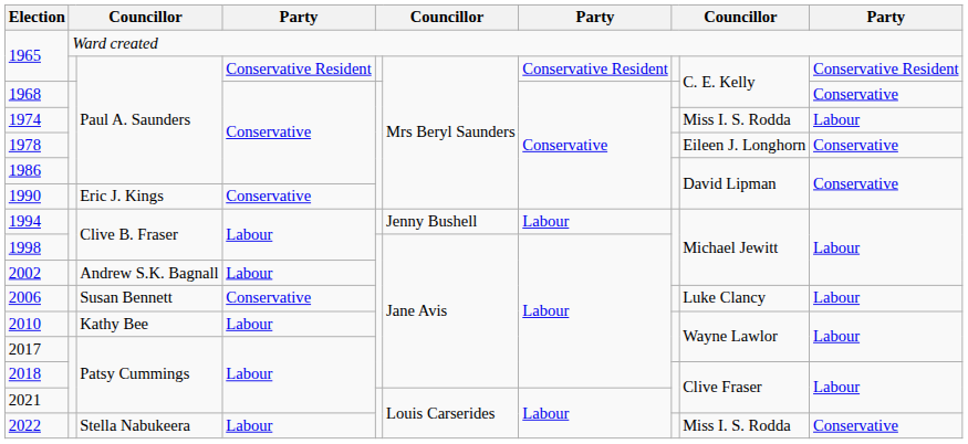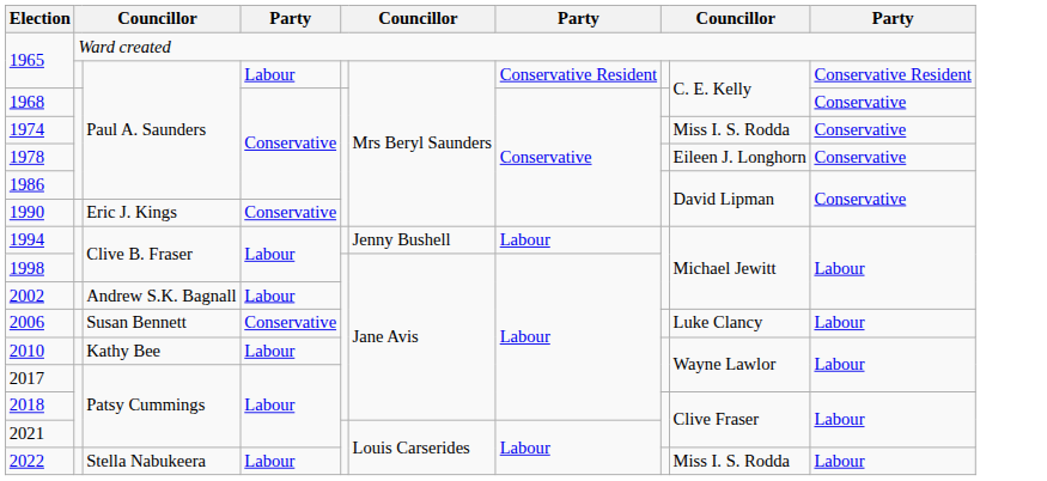 <table class="wikitable">
 <tr>
 <th>Election</th>
 <th colspan="2">Councillor</th>
 <th>Party</th>
 <th colspan="2">Councillor</th>
 <th>Party</th>
 <th colspan="2">Councillor</th>
 <th>Party</th>
 </tr>
 <tr>
 <td rowspan="2"><a href='#'>1965</a></td>
 <td colspan="13"><em>Ward created</em></td>
 </tr>
 <tr>
 <td style="background-color: "></td>
 <td rowspan="5">Paul A. Saunders</td>
-<td><a href='#'>Conservative Resident</a></td>
+<td><a href='#'>Labour</a></td>
 <td style="background-color: "></td>
 <td rowspan="6">Mrs Beryl Saunders</td>
 <td><a href='#'>Conservative Resident</a></td>
 <td style="background-color: "></td>
 <td rowspan="2">C. E. Kelly</td>
 <td><a href='#'>Conservative Resident</a></td>
 </tr>
 <tr>
 <td><a href='#'>1968</a></td>
 <td rowspan="4" style="background-color: "></td>
 <td rowspan="4"><a href='#'>Conservative</a></td>
 <td rowspan="5" style="background-color: "></td>
 <td rowspan="5"><a href='#'>Conservative</a></td>
 <td style="background-color: "></td>
 <td><a href='#'>Conservative</a></td>
 </tr>
 <tr>
 <td><a href='#'>1974</a></td>
 <td style="background-color: "></td>
 <td>Miss I. S. Rodda</td>
-<td><a href='#'>Labour</a></td>
+<td><a href='#'>Conservative</a></td>
 </tr>
 <tr>
 <td><a href='#'>1978</a></td>
 <td style="background-color: "></td>
 <td>Eileen J. Longhorn</td>
 <td><a href='#'>Conservative</a></td>
 </tr>
 <tr>
 <td><a href='#'>1986</a></td>
 <td rowspan="2" style="background-color: "></td>
 <td rowspan="2">David Lipman</td>
 <td rowspan="2"><a href='#'>Conservative</a></td>
 </tr>
 <tr>
 <td><a href='#'>1990</a></td>
 <td style="background-color: "></td>
 <td>Eric J. Kings</td>
 <td><a href='#'>Conservative</a></td>
 </tr>
 <tr>
 <td><a href='#'>1994</a></td>
 <td rowspan="2" style="background-color: "></td>
 <td rowspan="2">Clive B. Fraser</td>
 <td rowspan="2"><a href='#'>Labour</a></td>
 <td style="background-color: "></td>
 <td>Jenny Bushell</td>
 <td><a href='#'>Labour</a></td>
 <td rowspan="3" style="background-color: "></td>
 <td rowspan="3">Michael Jewitt</td>
 <td rowspan="3"><a href='#'>Labour</a></td>
 </tr>
 <tr>
 <td><a href='#'>1998</a></td>
 <td rowspan="6" style="background-color: "></td>
 <td rowspan="6">Jane Avis</td>
 <td rowspan="6"><a href='#'>Labour</a></td>
 </tr>
 <tr>
 <td><a href='#'>2002</a></td>
 <td style="background-color: "></td>
 <td>Andrew S.K. Bagnall</td>
 <td><a href='#'>Labour</a></td>
 </tr>
 <tr>
 <td><a href='#'>2006</a></td>
 <td style="background-color: "></td>
 <td>Susan Bennett</td>
 <td><a href='#'>Conservative</a></td>
 <td style="background-color: "></td>
 <td>Luke Clancy</td>
 <td><a href='#'>Labour</a></td>
 </tr>
 <tr>
 <td><a href='#'>2010</a></td>
 <td style="background-color: "></td>
 <td>Kathy Bee</td>
 <td><a href='#'>Labour</a></td>
 <td rowspan="2" style="background-color: "></td>
 <td rowspan="2">Wayne Lawlor</td>
 <td rowspan="2"><a href='#'>Labour</a></td>
 </tr>
 <tr>
 <td>2017</td>
 <td rowspan="3" style="background-color: "></td>
 <td rowspan="3">Patsy Cummings</td>
 <td rowspan="3"><a href='#'>Labour</a></td>
 </tr>
 <tr>
 <td><a href='#'>2018</a></td>
 <td rowspan="2" style="background-color: "></td>
 <td rowspan="2">Clive Fraser</td>
 <td rowspan="2"><a href='#'>Labour</a></td>
 </tr>
 <tr>
 <td>2021</td>
 <td rowspan="2" style="background-color: "></td>
 <td rowspan="2">Louis Carserides</td>
 <td rowspan="2"><a href='#'>Labour</a></td>
 </tr>
 <tr>
 <td><a href='#'>2022</a></td>
 <td style="background-color: "></td>
 <td>Stella Nabukeera</td>
 <td><a href='#'>Labour</a></td>
 <td style="background-color: "></td>
 <td>Miss I. S. Rodda</td>
-<td><a href='#'>Conservative</a></td>
+<td><a href='#'>Labour</a></td>
 </tr>
 </table>
